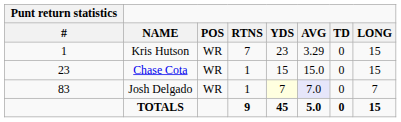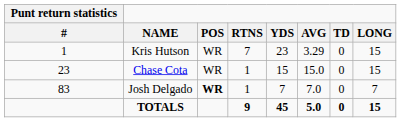 <table style="width:60%; text-align:center;" class="wikitable collapsible collapsed">
 <tr>
 <th style="text-align:center; ">Punt return statistics</th>
 </tr>
 <tr>
 <th>#</th>
 <th>NAME</th>
 <th>POS</th>
 <th>RTNS</th>
 <th>YDS</th>
 <th>AVG</th>
 <th>TD</th>
 <th>LONG</th>
 </tr>
 <tr>
 <td>1</td>
 <td>Kris Hutson</td>
 <td>WR</td>
 <td>7</td>
 <td>23</td>
 <td>3.29</td>
 <td>0</td>
 <td>15</td>
 </tr>
 <tr>
 <td>23</td>
 <td><a href='#'>Chase Cota</a></td>
 <td>WR</td>
 <td>1</td>
 <td>15</td>
 <td>15.0</td>
 <td>0</td>
 <td>15</td>
 </tr>
 <tr>
 <td>83</td>
 <td>Josh Delgado</td>
-<td>WR</td>
+<td><strong>WR</strong></td>
 <td>1</td>
-<td style="background: lightyellow;">7</td>
-<td style="background: lavender;">7.0</td>
+<td>7</td>
+<td>7.0</td>
 <td>0</td>
 <td>7</td>
 </tr>
 <tr>
 <td></td>
 <td><strong>TOTALS</strong></td>
 <td></td>
 <td><strong>9</strong></td>
 <td><strong>45</strong></td>
 <td><strong>5.0</strong></td>
 <td><strong>0</strong></td>
 <td><strong>15</strong></td>
 </tr>
 </table>
